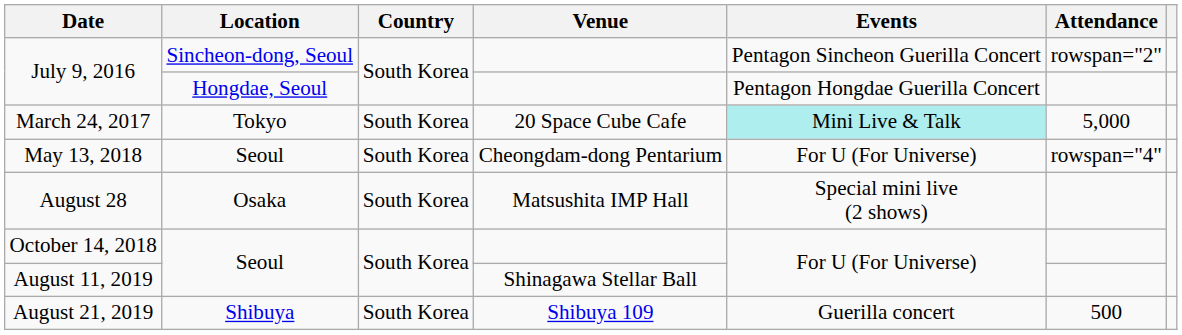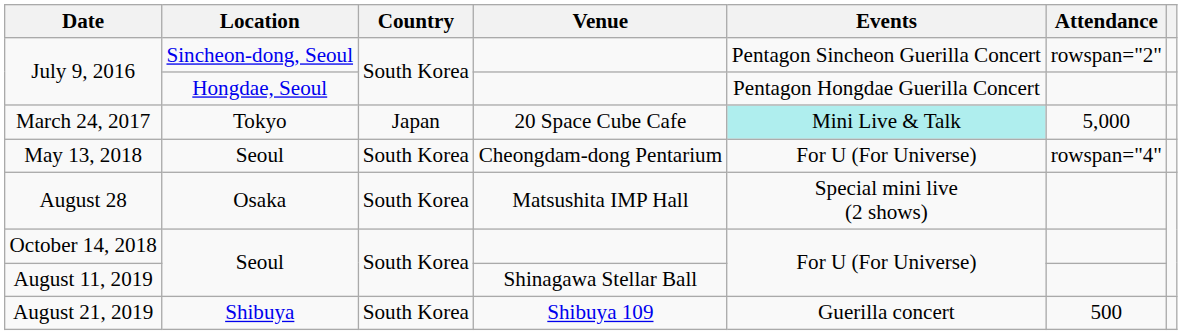 <table class="wikitable" style="text-align:center;">
 <tr>
 <th>Date</th>
 <th>Location</th>
 <th>Country</th>
 <th>Venue</th>
 <th>Events</th>
 <th>Attendance</th>
 <th></th>
 </tr>
 <tr>
 <td rowspan="2">July 9, 2016</td>
 <td><a href='#'>Sincheon-dong, Seoul</a></td>
 <td rowspan="2">South Korea</td>
 <td></td>
 <td>Pentagon Sincheon Guerilla Concert </td>
 <td>rowspan="2" </td>
 <td></td>
 </tr>
 <tr>
 <td><a href='#'>Hongdae, Seoul</a></td>
 <td></td>
 <td>Pentagon Hongdae Guerilla Concert </td>
 <td></td>
 </tr>
 <tr>
 <td>March 24, 2017</td>
 <td>Tokyo</td>
-<td>South Korea</td>
+<td>Japan</td>
 <td>20 Space Cube Cafe</td>
 <td style="background: paleturquoise;">Mini Live & Talk</td>
 <td>5,000</td>
 <td></td>
 </tr>
 <tr>
 <td>May 13, 2018</td>
 <td>Seoul</td>
 <td>South Korea</td>
 <td>Cheongdam-dong Pentarium</td>
 <td>For U (For Universe) </td>
 <td>rowspan="4" </td>
 <td></td>
 </tr>
 <tr>
 <td>August 28</td>
 <td>Osaka</td>
 <td>South Korea</td>
 <td>Matsushita IMP Hall</td>
 <td>Special mini live <br> (2 shows)</td>
 <td></td>
 </tr>
 <tr>
 <td>October 14, 2018</td>
 <td rowspan="2">Seoul</td>
 <td rowspan="2">South Korea</td>
 <td></td>
 <td rowspan="2">For U (For Universe)  </td>
 <td></td>
 </tr>
 <tr>
 <td>August 11, 2019</td>
 <td>Shinagawa Stellar Ball</td>
 <td></td>
 </tr>
 <tr>
 <td>August 21, 2019</td>
 <td><a href='#'>Shibuya</a></td>
 <td>South Korea</td>
 <td><a href='#'>Shibuya 109</a></td>
 <td>Guerilla concert </td>
 <td>500</td>
 <td></td>
 </tr>
 </table>
